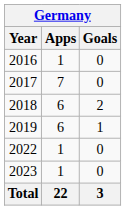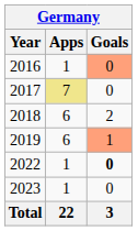 <table class="wikitable" style="text-align:center">
 <tr>
 <th colspan=3><a href='#'>Germany</a></th>
 </tr>
 <tr>
 <th>Year</th>
 <th>Apps</th>
 <th>Goals</th>
 </tr>
 <tr>
 <td>2016</td>
 <td>1</td>
-<td>0</td>
+<td style="background: lightsalmon;">0</td>
 </tr>
 <tr>
 <td>2017</td>
-<td>7</td>
+<td style="background: khaki;">7</td>
 <td>0</td>
 </tr>
 <tr>
 <td>2018</td>
 <td>6</td>
 <td>2</td>
 </tr>
 <tr>
 <td>2019</td>
 <td>6</td>
-<td>1</td>
+<td style="background: lightsalmon;">1</td>
 </tr>
 <tr>
 <td>2022</td>
 <td>1</td>
-<td>0</td>
+<td><strong>0</strong></td>
 </tr>
 <tr>
 <td>2023</td>
 <td>1</td>
 <td>0</td>
 </tr>
 <tr>
 <th>Total</th>
 <th>22</th>
 <th>3</th>
 </tr>
 </table>
